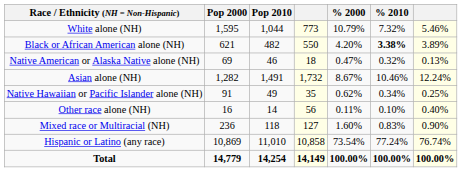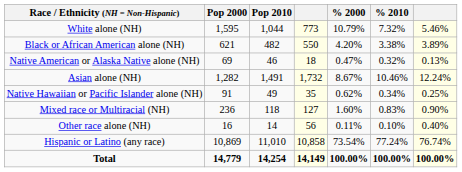 <table class="wikitable" style="text-align:center;">
 <tr>
 <th>Race / Ethnicity <small>(<em>NH = Non-Hispanic</em>)</small></th>
 <th>Pop 2000</th>
 <th>Pop 2010</th>
 <th></th>
 <th>% 2000</th>
 <th>% 2010</th>
 <th></th>
 </tr>
 <tr>
 <td><a href='#'>White</a> alone (NH)</td>
 <td>1,595</td>
 <td>1,044</td>
 <td style='background: #ffffe6;'>773</td>
 <td>10.79%</td>
 <td>7.32%</td>
 <td style='background: #ffffe6;'>5.46%</td>
 </tr>
 <tr>
 <td><a href='#'>Black or African American</a> alone (NH)</td>
 <td>621</td>
 <td>482</td>
 <td style='background: #ffffe6;'>550</td>
 <td>4.20%</td>
-<td><strong>3.38%</strong></td>
+<td>3.38%</td>
 <td style='background: #ffffe6;'>3.89%</td>
 </tr>
 <tr>
 <td><a href='#'>Native American</a> or <a href='#'>Alaska Native</a> alone (NH)</td>
 <td>69</td>
 <td>46</td>
 <td style='background: #ffffe6;'>18</td>
 <td>0.47%</td>
 <td>0.32%</td>
 <td style='background: #ffffe6;'>0.13%</td>
 </tr>
 <tr>
 <td><a href='#'>Asian</a> alone (NH)</td>
 <td>1,282</td>
 <td>1,491</td>
 <td style='background: #ffffe6;'>1,732</td>
 <td>8.67%</td>
 <td>10.46%</td>
 <td style='background: #ffffe6;'>12.24%</td>
 </tr>
 <tr>
 <td><a href='#'>Native Hawaiian</a> or <a href='#'>Pacific Islander</a> alone (NH)</td>
 <td>91</td>
 <td>49</td>
 <td style='background: #ffffe6;'>35</td>
 <td>0.62%</td>
 <td>0.34%</td>
 <td style='background: #ffffe6;'>0.25%</td>
 </tr>
 <tr>
+<td><a href='#'>Mixed race or Multiracial</a> (NH)</td>
+<td>236</td>
+<td>118</td>
+<td style='background: #ffffe6;'>127</td>
+<td>1.60%</td>
+<td>0.83%</td>
+<td style='background: #ffffe6;'>0.90%</td>
+</tr>
+<tr>
 <td><a href='#'>Other race</a> alone (NH)</td>
 <td>16</td>
 <td>14</td>
 <td style='background: #ffffe6;'>56</td>
 <td>0.11%</td>
 <td>0.10%</td>
 <td style='background: #ffffe6;'>0.40%</td>
-</tr>
-<tr>
-<td><a href='#'>Mixed race or Multiracial</a> (NH)</td>
-<td>236</td>
-<td>118</td>
-<td style='background: #ffffe6;'>127</td>
-<td>1.60%</td>
-<td>0.83%</td>
-<td style='background: #ffffe6;'>0.90%</td>
 </tr>
 <tr>
 <td><a href='#'>Hispanic or Latino</a> (any race)</td>
 <td>10,869</td>
 <td>11,010</td>
 <td style='background: #ffffe6;'>10,858</td>
 <td>73.54%</td>
 <td>77.24%</td>
 <td style='background: #ffffe6;'>76.74%</td>
 </tr>
 <tr>
 <td><strong>Total</strong></td>
 <td><strong>14,779</strong></td>
 <td><strong>14,254</strong></td>
 <td style='background: #ffffe6;'><strong>14,149</strong></td>
 <td><strong>100.00%</strong></td>
 <td><strong>100.00%</strong></td>
 <td style='background: #ffffe6;'><strong>100.00%</strong></td>
 </tr>
 </table>
